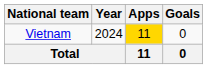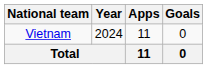 <table class="wikitable" style="text-align: center;">
 <tr>
 <th>National team</th>
 <th>Year</th>
 <th>Apps</th>
 <th>Goals</th>
 </tr>
 <tr>
 <td><a href='#'>Vietnam</a></td>
 <td>2024</td>
-<td style="background: gold;">11</td>
+<td>11</td>
 <td>0</td>
 </tr>
 <tr>
 <th colspan=2>Total</th>
 <th>11</th>
 <th>0</th>
 </tr>
 </table>
